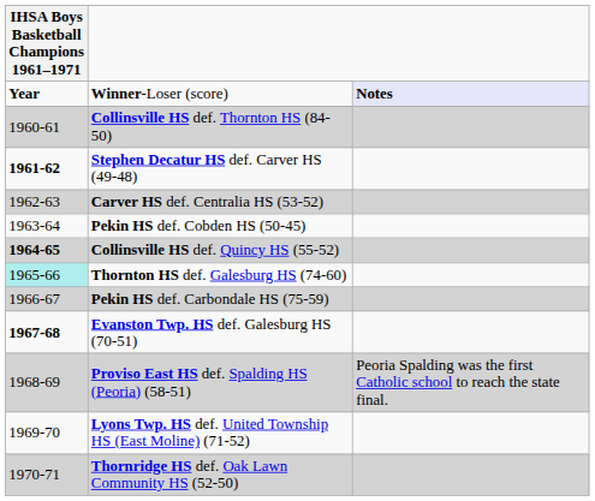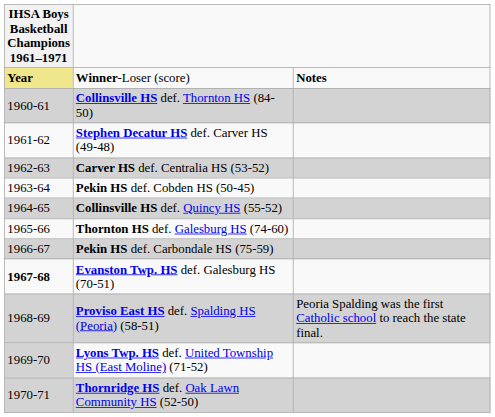 <table class="wikitable collapsible collapsed">
 <tr>
 <th>IHSA Boys Basketball Champions 1961–1971</th>
 </tr>
 <tr>
-<td width="40"><strong>Year</strong></td>
+<td width="40" style="background: khaki;"><strong>Year</strong></td>
 <td width="280"><strong>Winner</strong>-Loser (score)</td>
-<td width="250" style="background: lavender;"><strong>Notes</strong></td>
+<td width="250"><strong>Notes</strong></td>
 </tr>
 <tr style="background: #D3D3D3;">
 <td>1960-61</td>
 <td><strong><a href='#'>Collinsville HS</a></strong> def. <a href='#'>Thornton HS</a> (84-50)</td>
 <td></td>
 </tr>
 <tr>
-<td><strong>1961-62</strong></td>
+<td>1961-62</td>
 <td><strong><a href='#'>Stephen Decatur HS</a></strong> def. Carver HS (49-48)</td>
 <td></td>
 </tr>
 <tr style="background: #D3D3D3;">
 <td>1962-63</td>
 <td><strong>Carver HS</strong> def. Centralia HS (53-52)</td>
 <td></td>
 </tr>
 <tr>
 <td>1963-64</td>
 <td><strong>Pekin HS</strong> def. Cobden HS (50-45)</td>
 <td></td>
 </tr>
 <tr style="background: #D3D3D3;">
-<td><strong>1964-65</strong></td>
+<td>1964-65</td>
 <td><strong>Collinsville HS</strong> def. <a href='#'>Quincy HS</a> (55-52)</td>
 <td></td>
 </tr>
 <tr>
-<td style="background: paleturquoise;">1965-66</td>
+<td>1965-66</td>
 <td><strong>Thornton HS</strong> def. <a href='#'>Galesburg HS</a> (74-60)</td>
 <td></td>
 </tr>
 <tr style="background: #D3D3D3;">
 <td>1966-67</td>
 <td><strong>Pekin HS</strong> def. Carbondale HS (75-59)</td>
 <td></td>
 </tr>
 <tr>
 <td><strong>1967-68</strong></td>
 <td><strong><a href='#'>Evanston Twp. HS</a></strong> def. Galesburg HS (70-51)</td>
 <td></td>
 </tr>
 <tr style="background: #D3D3D3;">
 <td>1968-69</td>
 <td><strong><a href='#'>Proviso East HS</a></strong> def. <a href='#'>Spalding HS (Peoria)</a> (58-51)</td>
 <td>Peoria Spalding was the first <a href='#'>Catholic school</a> to reach the state final.</td>
 </tr>
 <tr>
-<td>1969-70</td>
+<td style="background: lightgrey;">1969-70</td>
 <td><strong><a href='#'>Lyons Twp. HS</a></strong> def. <a href='#'>United Township HS (East Moline)</a> (71-52)</td>
 <td></td>
 </tr>
 <tr style="background: #D3D3D3;">
 <td>1970-71</td>
 <td><strong><a href='#'>Thornridge HS</a></strong> def. <a href='#'>Oak Lawn Community HS</a> (52-50)</td>
 <td></td>
 </tr>
 </table>
